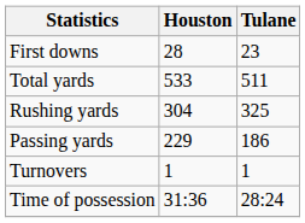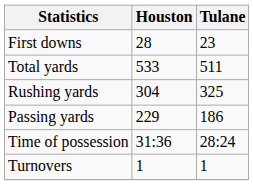 <table class="wikitable" style="float: left;">
 <tr>
 <th>Statistics</th>
 <th>Houston</th>
 <th>Tulane</th>
 </tr>
 <tr>
 <td>First downs</td>
 <td>28</td>
 <td>23</td>
 </tr>
 <tr>
 <td>Total yards</td>
 <td>533</td>
 <td>511</td>
 </tr>
 <tr>
 <td>Rushing yards</td>
 <td>304</td>
 <td>325</td>
 </tr>
 <tr>
 <td>Passing yards</td>
 <td>229</td>
 <td>186</td>
 </tr>
 <tr>
+<td>Time of possession</td>
+<td>31:36</td>
+<td>28:24</td>
+</tr>
+<tr>
 <td>Turnovers</td>
 <td>1</td>
 <td>1</td>
 </tr>
 <tr>
-<td>Time of possession</td>
-<td>31:36</td>
-<td>28:24</td>
-</tr>
-<tr>
 </tr>
 </table>
